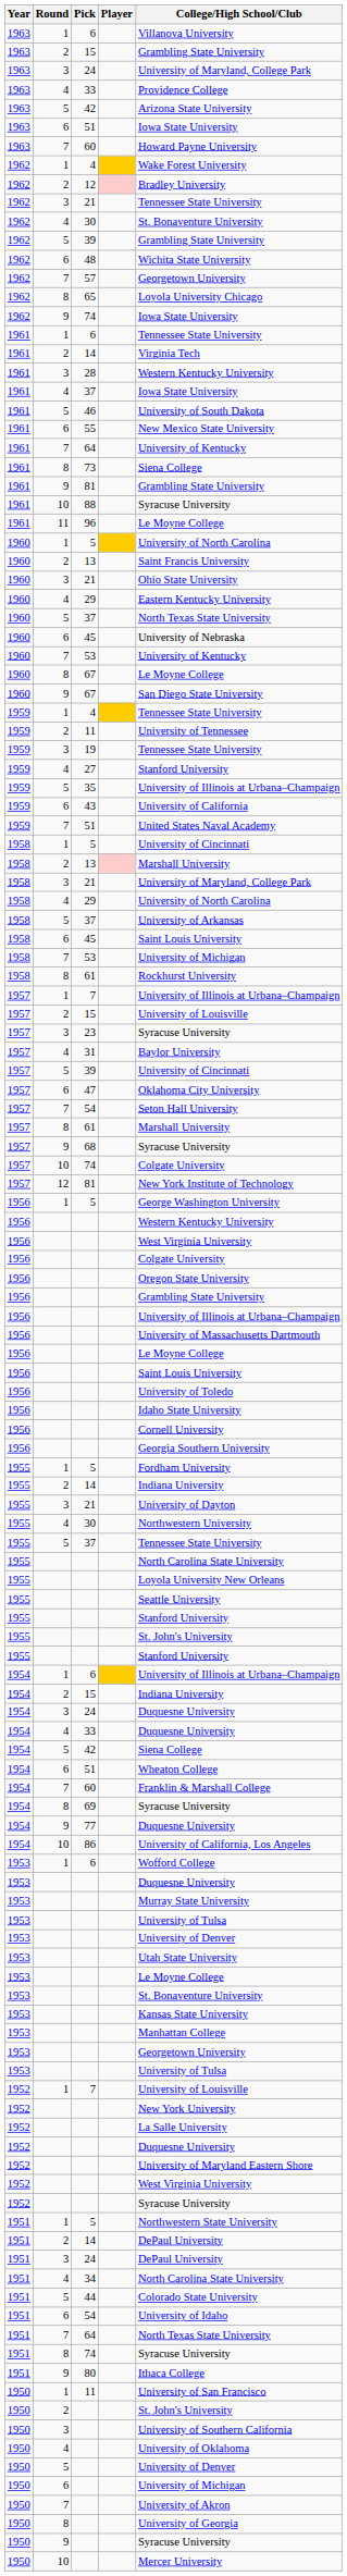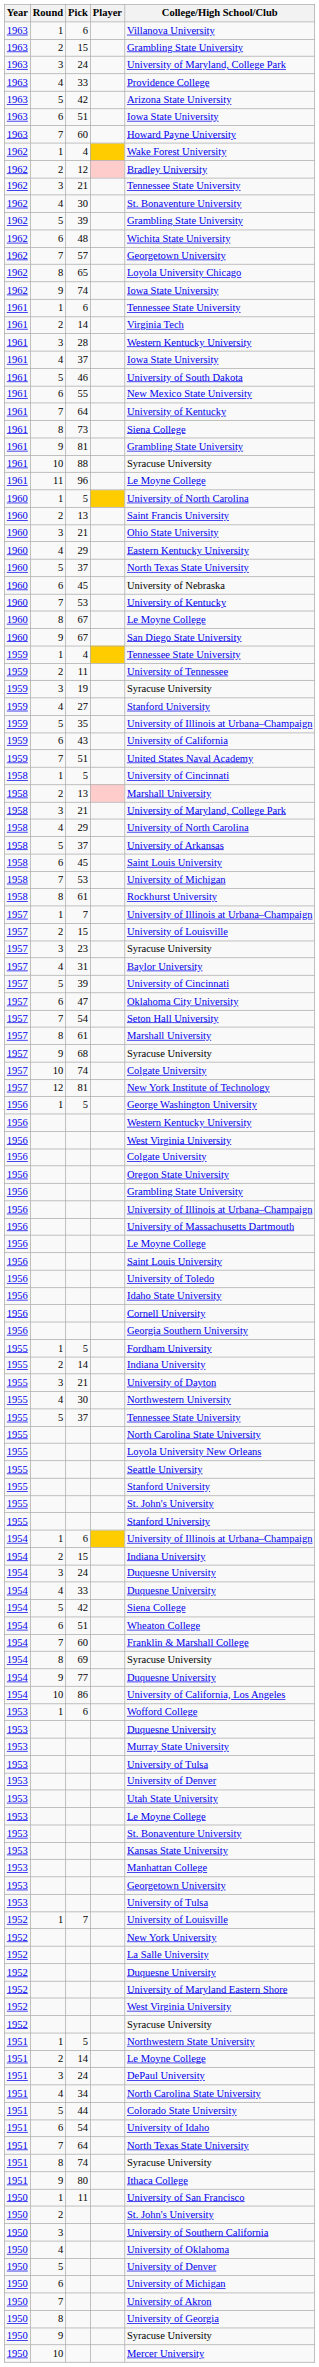 <table class="wikitable sortable" style="font-size:90%">
 <tr>
 <th style="background:#">Year</th>
 <th style="background:#">Round</th>
 <th style="background:#">Pick</th>
 <th style="background:#">Player</th>
 <th style="background:#">College/High School/Club</th>
 </tr>
 <tr>
 <td align="center"><a href='#'>1963</a></td>
 <td align="right">1</td>
 <td align="right">6</td>
 <td></td>
 <td><a href='#'>Villanova University</a></td>
 </tr>
 <tr>
 <td align="center"><a href='#'>1963</a></td>
 <td align="right">2</td>
 <td align="right">15</td>
 <td></td>
 <td><a href='#'>Grambling State University</a></td>
 </tr>
 <tr>
 <td align="center"><a href='#'>1963</a></td>
 <td align="right">3</td>
 <td align="right">24</td>
 <td></td>
 <td><a href='#'>University of Maryland, College Park</a></td>
 </tr>
 <tr>
 <td align="center"><a href='#'>1963</a></td>
 <td align="right">4</td>
 <td align="right">33</td>
 <td></td>
 <td><a href='#'>Providence College</a></td>
 </tr>
 <tr>
 <td align="center"><a href='#'>1963</a></td>
 <td align="right">5</td>
 <td align="right">42</td>
 <td></td>
 <td><a href='#'>Arizona State University</a></td>
 </tr>
 <tr>
 <td align="center"><a href='#'>1963</a></td>
 <td align="right">6</td>
 <td align="right">51</td>
 <td></td>
 <td><a href='#'>Iowa State University</a></td>
 </tr>
 <tr>
 <td align="center"><a href='#'>1963</a></td>
 <td align="right">7</td>
 <td align="right">60</td>
 <td></td>
 <td><a href='#'>Howard Payne University</a></td>
 </tr>
 <tr>
 <td align="center"><a href='#'>1962</a></td>
 <td align="right">1</td>
 <td align="right">4</td>
 <td bgcolor="FFCC00"></td>
 <td><a href='#'>Wake Forest University</a></td>
 </tr>
 <tr>
 <td align="center"><a href='#'>1962</a></td>
 <td align="right">2</td>
 <td align="right">12</td>
 <td bgcolor="#FFCCCC"></td>
 <td><a href='#'>Bradley University</a></td>
 </tr>
 <tr>
 <td align="center"><a href='#'>1962</a></td>
 <td align="right">3</td>
 <td align="right">21</td>
 <td></td>
 <td><a href='#'>Tennessee State University</a></td>
 </tr>
 <tr>
 <td align="center"><a href='#'>1962</a></td>
 <td align="right">4</td>
 <td align="right">30</td>
 <td></td>
 <td><a href='#'>St. Bonaventure University</a></td>
 </tr>
 <tr>
 <td align="center"><a href='#'>1962</a></td>
 <td align="right">5</td>
 <td align="right">39</td>
 <td></td>
 <td><a href='#'>Grambling State University</a></td>
 </tr>
 <tr>
 <td align="center"><a href='#'>1962</a></td>
 <td align="right">6</td>
 <td align="right">48</td>
 <td></td>
 <td><a href='#'>Wichita State University</a></td>
 </tr>
 <tr>
 <td align="center"><a href='#'>1962</a></td>
 <td align="right">7</td>
 <td align="right">57</td>
 <td></td>
 <td><a href='#'>Georgetown University</a></td>
 </tr>
 <tr>
 <td align="center"><a href='#'>1962</a></td>
 <td align="right">8</td>
 <td align="right">65</td>
 <td></td>
 <td><a href='#'>Loyola University Chicago</a></td>
 </tr>
 <tr>
 <td align="center"><a href='#'>1962</a></td>
 <td align="right">9</td>
 <td align="right">74</td>
 <td></td>
 <td><a href='#'>Iowa State University</a></td>
 </tr>
 <tr>
 <td align="center"><a href='#'>1961</a></td>
 <td align="right">1</td>
 <td align="right">6</td>
 <td></td>
 <td><a href='#'>Tennessee State University</a></td>
 </tr>
 <tr>
 <td align="center"><a href='#'>1961</a></td>
 <td align="right">2</td>
 <td align="right">14</td>
 <td></td>
 <td><a href='#'>Virginia Tech</a></td>
 </tr>
 <tr>
 <td align="center"><a href='#'>1961</a></td>
 <td align="right">3</td>
 <td align="right">28</td>
 <td></td>
 <td><a href='#'>Western Kentucky University</a></td>
 </tr>
 <tr>
 <td align="center"><a href='#'>1961</a></td>
 <td align="right">4</td>
 <td align="right">37</td>
 <td></td>
 <td><a href='#'>Iowa State University</a></td>
 </tr>
 <tr>
 <td align="center"><a href='#'>1961</a></td>
 <td align="right">5</td>
 <td align="right">46</td>
 <td></td>
 <td><a href='#'>University of South Dakota</a></td>
 </tr>
 <tr>
 <td align="center"><a href='#'>1961</a></td>
 <td align="right">6</td>
 <td align="right">55</td>
 <td></td>
 <td><a href='#'>New Mexico State University</a></td>
 </tr>
 <tr>
 <td align="center"><a href='#'>1961</a></td>
 <td align="right">7</td>
 <td align="right">64</td>
 <td></td>
 <td><a href='#'>University of Kentucky</a></td>
 </tr>
 <tr>
 <td align="center"><a href='#'>1961</a></td>
 <td align="right">8</td>
 <td align="right">73</td>
 <td></td>
 <td><a href='#'>Siena College</a></td>
 </tr>
 <tr>
 <td align="center"><a href='#'>1961</a></td>
 <td align="right">9</td>
 <td align="right">81</td>
 <td></td>
 <td><a href='#'>Grambling State University</a></td>
 </tr>
 <tr>
 <td align="center"><a href='#'>1961</a></td>
 <td align="right">10</td>
 <td align="right">88</td>
 <td></td>
 <td>Syracuse University</td>
 </tr>
 <tr>
 <td align="center"><a href='#'>1961</a></td>
 <td align="right">11</td>
 <td align="right">96</td>
 <td></td>
 <td><a href='#'>Le Moyne College</a></td>
 </tr>
 <tr>
 <td align="center"><a href='#'>1960</a></td>
 <td align="right">1</td>
 <td align="right">5</td>
 <td bgcolor="FFCC00"></td>
 <td><a href='#'>University of North Carolina</a></td>
 </tr>
 <tr>
 <td align="center"><a href='#'>1960</a></td>
 <td align="right">2</td>
 <td align="right">13</td>
 <td></td>
 <td><a href='#'>Saint Francis University</a></td>
 </tr>
 <tr>
 <td align="center"><a href='#'>1960</a></td>
 <td align="right">3</td>
 <td align="right">21</td>
 <td></td>
 <td><a href='#'>Ohio State University</a></td>
 </tr>
 <tr>
 <td align="center"><a href='#'>1960</a></td>
 <td align="right">4</td>
 <td align="right">29</td>
 <td></td>
 <td><a href='#'>Eastern Kentucky University</a></td>
 </tr>
 <tr>
 <td align="center"><a href='#'>1960</a></td>
 <td align="right">5</td>
 <td align="right">37</td>
 <td></td>
 <td><a href='#'>North Texas State University</a></td>
 </tr>
 <tr>
 <td align="center"><a href='#'>1960</a></td>
 <td align="right">6</td>
 <td align="right">45</td>
 <td></td>
 <td>University of Nebraska</td>
 </tr>
 <tr>
 <td align="center"><a href='#'>1960</a></td>
 <td align="right">7</td>
 <td align="right">53</td>
 <td></td>
 <td><a href='#'>University of Kentucky</a></td>
 </tr>
 <tr>
 <td align="center"><a href='#'>1960</a></td>
 <td align="right">8</td>
 <td align="right">67</td>
 <td></td>
 <td><a href='#'>Le Moyne College</a></td>
 </tr>
 <tr>
 <td align="center"><a href='#'>1960</a></td>
 <td align="right">9</td>
 <td align="right">67</td>
 <td></td>
 <td><a href='#'>San Diego State University</a></td>
 </tr>
 <tr>
 <td align="center"><a href='#'>1959</a></td>
 <td align="right">1</td>
 <td align="right">4</td>
 <td bgcolor="FFCC00"></td>
 <td><a href='#'>Tennessee State University</a></td>
 </tr>
 <tr>
 <td align="center"><a href='#'>1959</a></td>
 <td align="right">2</td>
 <td align="right">11</td>
 <td></td>
 <td><a href='#'>University of Tennessee</a></td>
 </tr>
 <tr>
 <td align="center"><a href='#'>1959</a></td>
 <td align="right">3</td>
 <td align="right">19</td>
 <td></td>
-<td><a href='#'>Tennessee State University</a></td>
+<td>Syracuse University</td>
 </tr>
 <tr>
 <td align="center"><a href='#'>1959</a></td>
 <td align="right">4</td>
 <td align="right">27</td>
 <td></td>
 <td><a href='#'>Stanford University</a></td>
 </tr>
 <tr>
 <td align="center"><a href='#'>1959</a></td>
 <td align="right">5</td>
 <td align="right">35</td>
 <td></td>
 <td><a href='#'>University of Illinois at Urbana–Champaign</a></td>
 </tr>
 <tr>
 <td align="center"><a href='#'>1959</a></td>
 <td align="right">6</td>
 <td align="right">43</td>
 <td></td>
 <td><a href='#'>University of California</a></td>
 </tr>
 <tr>
 <td align="center"><a href='#'>1959</a></td>
 <td align="right">7</td>
 <td align="right">51</td>
 <td></td>
 <td><a href='#'>United States Naval Academy</a></td>
 </tr>
 <tr>
 <td align="center"><a href='#'>1958</a></td>
 <td align="right">1</td>
 <td align="right">5</td>
 <td></td>
 <td><a href='#'>University of Cincinnati</a></td>
 </tr>
 <tr>
 <td align="center"><a href='#'>1958</a></td>
 <td align="right">2</td>
 <td align="right">13</td>
 <td bgcolor="#FFCCCC"></td>
 <td><a href='#'>Marshall University</a></td>
 </tr>
 <tr>
 <td align="center"><a href='#'>1958</a></td>
 <td align="right">3</td>
 <td align="right">21</td>
 <td></td>
 <td><a href='#'>University of Maryland, College Park</a></td>
 </tr>
 <tr>
 <td align="center"><a href='#'>1958</a></td>
 <td align="right">4</td>
 <td align="right">29</td>
 <td></td>
 <td><a href='#'>University of North Carolina</a></td>
 </tr>
 <tr>
 <td align="center"><a href='#'>1958</a></td>
 <td align="right">5</td>
 <td align="right">37</td>
 <td></td>
 <td><a href='#'>University of Arkansas</a></td>
 </tr>
 <tr>
 <td align="center"><a href='#'>1958</a></td>
 <td align="right">6</td>
 <td align="right">45</td>
 <td></td>
 <td><a href='#'>Saint Louis University</a></td>
 </tr>
 <tr>
 <td align="center"><a href='#'>1958</a></td>
 <td align="right">7</td>
 <td align="right">53</td>
 <td></td>
 <td><a href='#'>University of Michigan</a></td>
 </tr>
 <tr>
 <td align="center"><a href='#'>1958</a></td>
 <td align="right">8</td>
 <td align="right">61</td>
 <td></td>
 <td><a href='#'>Rockhurst University</a></td>
 </tr>
 <tr>
 <td align="center"><a href='#'>1957</a></td>
 <td align="right">1</td>
 <td align="right">7</td>
 <td></td>
 <td><a href='#'>University of Illinois at Urbana–Champaign</a></td>
 </tr>
 <tr>
 <td align="center"><a href='#'>1957</a></td>
 <td align="right">2</td>
 <td align="right">15</td>
 <td></td>
 <td><a href='#'>University of Louisville</a></td>
 </tr>
 <tr>
 <td align="center"><a href='#'>1957</a></td>
 <td align="right">3</td>
 <td align="right">23</td>
 <td></td>
 <td>Syracuse University</td>
 </tr>
 <tr>
 <td align="center"><a href='#'>1957</a></td>
 <td align="right">4</td>
 <td align="right">31</td>
 <td></td>
 <td><a href='#'>Baylor University</a></td>
 </tr>
 <tr>
 <td align="center"><a href='#'>1957</a></td>
 <td align="right">5</td>
 <td align="right">39</td>
 <td></td>
 <td><a href='#'>University of Cincinnati</a></td>
 </tr>
 <tr>
 <td align="center"><a href='#'>1957</a></td>
 <td align="right">6</td>
 <td align="right">47</td>
 <td></td>
 <td><a href='#'>Oklahoma City University</a></td>
 </tr>
 <tr>
 <td align="center"><a href='#'>1957</a></td>
 <td align="right">7</td>
 <td align="right">54</td>
 <td></td>
 <td><a href='#'>Seton Hall University</a></td>
 </tr>
 <tr>
 <td align="center"><a href='#'>1957</a></td>
 <td align="right">8</td>
 <td align="right">61</td>
 <td></td>
 <td><a href='#'>Marshall University</a></td>
 </tr>
 <tr>
 <td align="center"><a href='#'>1957</a></td>
 <td align="right">9</td>
 <td align="right">68</td>
 <td></td>
 <td>Syracuse University</td>
 </tr>
 <tr>
 <td align="center"><a href='#'>1957</a></td>
 <td align="right">10</td>
 <td align="right">74</td>
 <td></td>
 <td><a href='#'>Colgate University</a></td>
 </tr>
 <tr>
 <td align="center"><a href='#'>1957</a></td>
 <td align="right">12</td>
 <td align="right">81</td>
 <td></td>
 <td><a href='#'>New York Institute of Technology</a></td>
 </tr>
 <tr>
 <td align="center"><a href='#'>1956</a></td>
 <td align="right">1</td>
 <td align="right">5</td>
 <td></td>
 <td><a href='#'>George Washington University</a></td>
 </tr>
 <tr>
 <td align="center"><a href='#'>1956</a></td>
 <td align="right"></td>
 <td align="right"></td>
 <td></td>
 <td><a href='#'>Western Kentucky University</a></td>
 </tr>
 <tr>
 <td align="center"><a href='#'>1956</a></td>
 <td align="right"></td>
 <td align="right"></td>
 <td></td>
 <td><a href='#'>West Virginia University</a></td>
 </tr>
 <tr>
 <td align="center"><a href='#'>1956</a></td>
 <td align="right"></td>
 <td align="right"></td>
 <td></td>
 <td><a href='#'>Colgate University</a></td>
 </tr>
 <tr>
 <td align="center"><a href='#'>1956</a></td>
 <td align="right"></td>
 <td align="right"></td>
 <td></td>
 <td><a href='#'>Oregon State University</a></td>
 </tr>
 <tr>
 <td align="center"><a href='#'>1956</a></td>
 <td align="right"></td>
 <td align="right"></td>
 <td></td>
 <td><a href='#'>Grambling State University</a></td>
 </tr>
 <tr>
 <td align="center"><a href='#'>1956</a></td>
 <td align="right"></td>
 <td align="right"></td>
 <td></td>
 <td><a href='#'>University of Illinois at Urbana–Champaign</a></td>
 </tr>
 <tr>
 <td align="center"><a href='#'>1956</a></td>
 <td align="right"></td>
 <td align="right"></td>
 <td></td>
 <td><a href='#'>University of Massachusetts Dartmouth</a></td>
 </tr>
 <tr>
 <td align="center"><a href='#'>1956</a></td>
 <td align="right"></td>
 <td align="right"></td>
 <td></td>
 <td><a href='#'>Le Moyne College</a></td>
 </tr>
 <tr>
 <td align="center"><a href='#'>1956</a></td>
 <td align="right"></td>
 <td align="right"></td>
 <td></td>
 <td><a href='#'>Saint Louis University</a></td>
 </tr>
 <tr>
 <td align="center"><a href='#'>1956</a></td>
 <td align="right"></td>
 <td align="right"></td>
 <td></td>
 <td><a href='#'>University of Toledo</a></td>
 </tr>
 <tr>
 <td align="center"><a href='#'>1956</a></td>
 <td align="right"></td>
 <td align="right"></td>
 <td></td>
 <td><a href='#'>Idaho State University</a></td>
 </tr>
 <tr>
 <td align="center"><a href='#'>1956</a></td>
 <td align="right"></td>
 <td align="right"></td>
 <td></td>
 <td><a href='#'>Cornell University</a></td>
 </tr>
 <tr>
 <td align="center"><a href='#'>1956</a></td>
 <td align="right"></td>
 <td align="right"></td>
 <td></td>
 <td><a href='#'>Georgia Southern University</a></td>
 </tr>
 <tr>
 <td align="center"><a href='#'>1955</a></td>
 <td align="right">1</td>
 <td align="right">5</td>
 <td></td>
 <td><a href='#'>Fordham University</a></td>
 </tr>
 <tr>
 <td align="center"><a href='#'>1955</a></td>
 <td align="right">2</td>
 <td align="right">14</td>
 <td></td>
 <td><a href='#'>Indiana University</a></td>
 </tr>
 <tr>
 <td align="center"><a href='#'>1955</a></td>
 <td align="right">3</td>
 <td align="right">21</td>
 <td></td>
 <td><a href='#'>University of Dayton</a></td>
 </tr>
 <tr>
 <td align="center"><a href='#'>1955</a></td>
 <td align="right">4</td>
 <td align="right">30</td>
 <td></td>
 <td><a href='#'>Northwestern University</a></td>
 </tr>
 <tr>
 <td align="center"><a href='#'>1955</a></td>
 <td align="right">5</td>
 <td align="right">37</td>
 <td></td>
 <td><a href='#'>Tennessee State University</a></td>
 </tr>
 <tr>
 <td align="center"><a href='#'>1955</a></td>
 <td align="right"></td>
 <td align="right"></td>
 <td></td>
 <td><a href='#'>North Carolina State University</a></td>
 </tr>
 <tr>
 <td align="center"><a href='#'>1955</a></td>
 <td align="right"></td>
 <td align="right"></td>
 <td></td>
 <td><a href='#'>Loyola University New Orleans</a></td>
 </tr>
 <tr>
 <td align="center"><a href='#'>1955</a></td>
 <td align="right"></td>
 <td align="right"></td>
 <td></td>
 <td><a href='#'>Seattle University</a></td>
 </tr>
 <tr>
 <td align="center"><a href='#'>1955</a></td>
 <td align="right"></td>
 <td align="right"></td>
 <td></td>
 <td><a href='#'>Stanford University</a></td>
 </tr>
 <tr>
 <td align="center"><a href='#'>1955</a></td>
 <td align="right"></td>
 <td align="right"></td>
 <td></td>
 <td><a href='#'>St. John's University</a></td>
 </tr>
 <tr>
 <td align="center"><a href='#'>1955</a></td>
 <td align="right"></td>
 <td align="right"></td>
 <td></td>
 <td><a href='#'>Stanford University</a></td>
 </tr>
 <tr>
 <td align="center"><a href='#'>1954</a></td>
 <td align="right">1</td>
 <td align="right">6</td>
 <td bgcolor="FFCC00"></td>
 <td><a href='#'>University of Illinois at Urbana–Champaign</a></td>
 </tr>
 <tr>
 <td align="center"><a href='#'>1954</a></td>
 <td align="right">2</td>
 <td align="right">15</td>
 <td></td>
 <td><a href='#'>Indiana University</a></td>
 </tr>
 <tr>
 <td align="center"><a href='#'>1954</a></td>
 <td align="right">3</td>
 <td align="right">24</td>
 <td></td>
 <td><a href='#'>Duquesne University</a></td>
 </tr>
 <tr>
 <td align="center"><a href='#'>1954</a></td>
 <td align="right">4</td>
 <td align="right">33</td>
 <td></td>
 <td><a href='#'>Duquesne University</a></td>
 </tr>
 <tr>
 <td align="center"><a href='#'>1954</a></td>
 <td align="right">5</td>
 <td align="right">42</td>
 <td></td>
 <td><a href='#'>Siena College</a></td>
 </tr>
 <tr>
 <td align="center"><a href='#'>1954</a></td>
 <td align="right">6</td>
 <td align="right">51</td>
 <td></td>
 <td><a href='#'>Wheaton College</a></td>
 </tr>
 <tr>
 <td align="center"><a href='#'>1954</a></td>
 <td align="right">7</td>
 <td align="right">60</td>
 <td></td>
 <td><a href='#'>Franklin & Marshall College</a></td>
 </tr>
 <tr>
 <td align="center"><a href='#'>1954</a></td>
 <td align="right">8</td>
 <td align="right">69</td>
 <td></td>
 <td>Syracuse University</td>
 </tr>
 <tr>
 <td align="center"><a href='#'>1954</a></td>
 <td align="right">9</td>
 <td align="right">77</td>
 <td></td>
 <td><a href='#'>Duquesne University</a></td>
 </tr>
 <tr>
 <td align="center"><a href='#'>1954</a></td>
 <td align="right">10</td>
 <td align="right">86</td>
 <td></td>
 <td><a href='#'>University of California, Los Angeles</a></td>
 </tr>
 <tr>
 <td align="center"><a href='#'>1953</a></td>
 <td align="right">1</td>
 <td align="right">6</td>
 <td></td>
 <td><a href='#'>Wofford College</a></td>
 </tr>
 <tr>
 <td align="center"><a href='#'>1953</a></td>
 <td align="right"></td>
 <td align="right"></td>
 <td></td>
 <td><a href='#'>Duquesne University</a></td>
 </tr>
 <tr>
 <td align="center"><a href='#'>1953</a></td>
 <td align="right"></td>
 <td align="right"></td>
 <td></td>
 <td><a href='#'>Murray State University</a></td>
 </tr>
 <tr>
 <td align="center"><a href='#'>1953</a></td>
 <td align="right"></td>
 <td align="right"></td>
 <td></td>
 <td><a href='#'>University of Tulsa</a></td>
 </tr>
 <tr>
 <td align="center"><a href='#'>1953</a></td>
 <td align="right"></td>
 <td align="right"></td>
 <td></td>
 <td><a href='#'>University of Denver</a></td>
 </tr>
 <tr>
 <td align="center"><a href='#'>1953</a></td>
 <td align="right"></td>
 <td align="right"></td>
 <td></td>
 <td><a href='#'>Utah State University</a></td>
 </tr>
 <tr>
 <td align="center"><a href='#'>1953</a></td>
 <td align="right"></td>
 <td align="right"></td>
 <td></td>
 <td><a href='#'>Le Moyne College</a></td>
 </tr>
 <tr>
 <td align="center"><a href='#'>1953</a></td>
 <td align="right"></td>
 <td align="right"></td>
 <td></td>
 <td><a href='#'>St. Bonaventure University</a></td>
 </tr>
 <tr>
 <td align="center"><a href='#'>1953</a></td>
 <td align="right"></td>
 <td align="right"></td>
 <td></td>
 <td><a href='#'>Kansas State University</a></td>
 </tr>
 <tr>
 <td align="center"><a href='#'>1953</a></td>
 <td align="right"></td>
 <td align="right"></td>
 <td></td>
 <td><a href='#'>Manhattan College</a></td>
 </tr>
 <tr>
 <td align="center"><a href='#'>1953</a></td>
 <td align="right"></td>
 <td align="right"></td>
 <td></td>
 <td><a href='#'>Georgetown University</a></td>
 </tr>
 <tr>
 <td align="center"><a href='#'>1953</a></td>
 <td align="right"></td>
 <td align="right"></td>
 <td></td>
 <td><a href='#'>University of Tulsa</a></td>
 </tr>
 <tr>
 <td align="center"><a href='#'>1952</a></td>
 <td align="right">1</td>
 <td align="right">7</td>
 <td></td>
 <td><a href='#'>University of Louisville</a></td>
 </tr>
 <tr>
 <td align="center"><a href='#'>1952</a></td>
 <td align="right"></td>
 <td align="right"></td>
 <td></td>
 <td><a href='#'>New York University</a></td>
 </tr>
 <tr>
 <td align="center"><a href='#'>1952</a></td>
 <td align="right"></td>
 <td align="right"></td>
 <td></td>
 <td><a href='#'>La Salle University</a></td>
 </tr>
 <tr>
 <td align="center"><a href='#'>1952</a></td>
 <td align="right"></td>
 <td align="right"></td>
 <td></td>
 <td><a href='#'>Duquesne University</a></td>
 </tr>
 <tr>
 <td align="center"><a href='#'>1952</a></td>
 <td align="right"></td>
 <td align="right"></td>
 <td></td>
 <td><a href='#'>University of Maryland Eastern Shore</a></td>
 </tr>
 <tr>
 <td align="center"><a href='#'>1952</a></td>
 <td align="right"></td>
 <td align="right"></td>
 <td></td>
 <td><a href='#'>West Virginia University</a></td>
 </tr>
 <tr>
 <td align="center"><a href='#'>1952</a></td>
 <td align="right"></td>
 <td align="right"></td>
 <td></td>
 <td>Syracuse University</td>
 </tr>
 <tr>
 <td align="center"><a href='#'>1951</a></td>
 <td align="right">1</td>
 <td align="right">5</td>
 <td></td>
 <td><a href='#'>Northwestern State University</a></td>
 </tr>
 <tr>
 <td align="center"><a href='#'>1951</a></td>
 <td align="right">2</td>
 <td align="right">14</td>
 <td></td>
-<td><a href='#'>DePaul University</a></td>
+<td><a href='#'>Le Moyne College</a></td>
 </tr>
 <tr>
 <td align="center"><a href='#'>1951</a></td>
 <td align="right">3</td>
 <td align="right">24</td>
 <td></td>
 <td><a href='#'>DePaul University</a></td>
 </tr>
 <tr>
 <td align="center"><a href='#'>1951</a></td>
 <td align="right">4</td>
 <td align="right">34</td>
 <td></td>
 <td><a href='#'>North Carolina State University</a></td>
 </tr>
 <tr>
 <td align="center"><a href='#'>1951</a></td>
 <td align="right">5</td>
 <td align="right">44</td>
 <td></td>
 <td><a href='#'>Colorado State University</a></td>
 </tr>
 <tr>
 <td align="center"><a href='#'>1951</a></td>
 <td align="right">6</td>
 <td align="right">54</td>
 <td></td>
 <td><a href='#'>University of Idaho</a></td>
 </tr>
 <tr>
 <td align="center"><a href='#'>1951</a></td>
 <td align="right">7</td>
 <td align="right">64</td>
 <td></td>
 <td><a href='#'>North Texas State University</a></td>
 </tr>
 <tr>
 <td align="center"><a href='#'>1951</a></td>
 <td align="right">8</td>
 <td align="right">74</td>
 <td></td>
 <td>Syracuse University</td>
 </tr>
 <tr>
 <td align="center"><a href='#'>1951</a></td>
 <td align="right">9</td>
 <td align="right">80</td>
 <td></td>
 <td><a href='#'>Ithaca College</a></td>
 </tr>
 <tr>
 <td align="center"><a href='#'>1950</a></td>
 <td align="right">1</td>
 <td align="right">11</td>
 <td></td>
 <td><a href='#'>University of San Francisco</a></td>
 </tr>
 <tr>
 <td align="center"><a href='#'>1950</a></td>
 <td align="right">2</td>
 <td align="right"></td>
 <td></td>
 <td><a href='#'>St. John's University</a></td>
 </tr>
 <tr>
 <td align="center"><a href='#'>1950</a></td>
 <td align="right">3</td>
 <td align="right"></td>
 <td></td>
 <td><a href='#'>University of Southern California</a></td>
 </tr>
 <tr>
 <td align="center"><a href='#'>1950</a></td>
 <td align="right">4</td>
 <td align="right"></td>
 <td></td>
 <td><a href='#'>University of Oklahoma</a></td>
 </tr>
 <tr>
 <td align="center"><a href='#'>1950</a></td>
 <td align="right">5</td>
 <td align="right"></td>
 <td></td>
 <td><a href='#'>University of Denver</a></td>
 </tr>
 <tr>
 <td align="center"><a href='#'>1950</a></td>
 <td align="right">6</td>
 <td align="right"></td>
 <td></td>
 <td><a href='#'>University of Michigan</a></td>
 </tr>
 <tr>
 <td align="center"><a href='#'>1950</a></td>
 <td align="right">7</td>
 <td align="right"></td>
 <td></td>
 <td><a href='#'>University of Akron</a></td>
 </tr>
 <tr>
 <td align="center"><a href='#'>1950</a></td>
 <td align="right">8</td>
 <td align="right"></td>
 <td></td>
 <td><a href='#'>University of Georgia</a></td>
 </tr>
 <tr>
 <td align="center"><a href='#'>1950</a></td>
 <td align="right">9</td>
 <td align="right"></td>
 <td></td>
 <td>Syracuse University</td>
 </tr>
 <tr>
 <td align="center"><a href='#'>1950</a></td>
 <td align="right">10</td>
 <td align="right"></td>
 <td></td>
 <td><a href='#'>Mercer University</a></td>
 </tr>
 </table>
